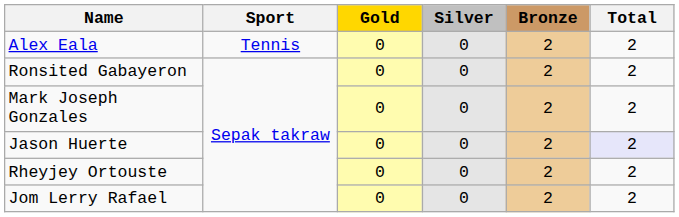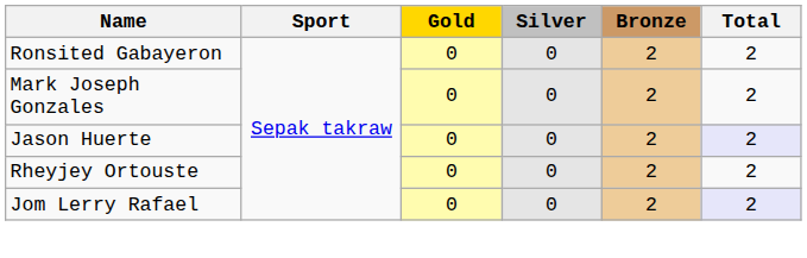 <table class="wikitable" style="text-align:center">
 <tr>
 <th width=150>Name</th>
 <th width=100>Sport</th>
 <td bgcolor=gold width=60><strong>Gold</strong></td>
 <td bgcolor=silver width=60><strong>Silver</strong></td>
 <td bgcolor=#cc9966 width=60><strong>Bronze</strong></td>
 <th width=60>Total</th>
-</tr>
-<tr>
-<td align=left><a href='#'>Alex Eala</a></td>
-<td><a href='#'>Tennis</a></td>
-<td bgcolor=#fffcaf>0</td>
-<td bgcolor=#e5e5e5>0</td>
-<td bgcolor=#eecc99>2</td>
-<td>2</td>
 </tr>
 <tr>
 <td align=left>Ronsited Gabayeron</td>
 <td rowspan=5><a href='#'>Sepak takraw</a></td>
 <td bgcolor=#fffcaf>0</td>
 <td bgcolor=#e5e5e5>0</td>
 <td bgcolor=#eecc99>2</td>
 <td>2</td>
 </tr>
 <tr>
 <td align=left>Mark Joseph Gonzales</td>
 <td bgcolor=#fffcaf>0</td>
 <td bgcolor=#e5e5e5>0</td>
 <td bgcolor=#eecc99>2</td>
 <td>2</td>
 </tr>
 <tr>
 <td align=left>Jason Huerte</td>
 <td bgcolor=#fffcaf>0</td>
 <td bgcolor=#e5e5e5>0</td>
 <td bgcolor=#eecc99>2</td>
 <td style="background: lavender;">2</td>
 </tr>
 <tr>
 <td align=left>Rheyjey Ortouste</td>
 <td bgcolor=#fffcaf>0</td>
 <td bgcolor=#e5e5e5>0</td>
 <td bgcolor=#eecc99>2</td>
 <td>2</td>
 </tr>
 <tr>
 <td align=left>Jom Lerry Rafael</td>
 <td bgcolor=#fffcaf>0</td>
 <td bgcolor=#e5e5e5>0</td>
 <td bgcolor=#eecc99>2</td>
-<td>2</td>
+<td style="background: lavender;">2</td>
 </tr>
 </table>
